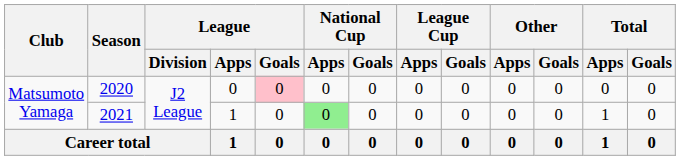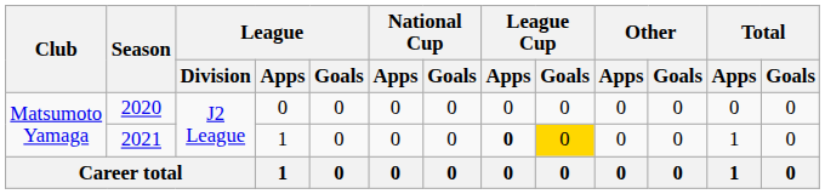 <table class="wikitable" style="text-align: center">
 <tr>
 <th rowspan="2">Club</th>
 <th rowspan="2">Season</th>
 <th colspan="3">League</th>
 <th colspan="2">National Cup</th>
 <th colspan="2">League Cup</th>
 <th colspan="2">Other</th>
 <th colspan="2">Total</th>
 </tr>
 <tr>
 <th>Division</th>
 <th>Apps</th>
 <th>Goals</th>
 <th>Apps</th>
 <th>Goals</th>
 <th>Apps</th>
 <th>Goals</th>
 <th>Apps</th>
 <th>Goals</th>
 <th>Apps</th>
 <th>Goals</th>
 </tr>
 <tr>
 <td rowspan="2"><a href='#'>Matsumoto Yamaga</a></td>
 <td><a href='#'>2020</a></td>
 <td rowspan="2"><a href='#'>J2 League</a></td>
 <td>0</td>
-<td style="background: pink;">0</td>
+<td>0</td>
 <td>0</td>
 <td>0</td>
 <td>0</td>
 <td>0</td>
 <td>0</td>
 <td>0</td>
 <td>0</td>
 <td>0</td>
 </tr>
 <tr>
 <td><a href='#'>2021</a></td>
 <td>1</td>
 <td>0</td>
-<td style="background: lightgreen;">0</td>
 <td>0</td>
 <td>0</td>
-<td>0</td>
+<td><strong>0</strong></td>
+<td style="background: gold;">0</td>
 <td>0</td>
 <td>0</td>
 <td>1</td>
 <td>0</td>
 </tr>
 <tr>
 <th colspan=3>Career total</th>
 <th>1</th>
 <th>0</th>
 <th>0</th>
 <th>0</th>
 <th>0</th>
 <th>0</th>
 <th>0</th>
 <th>0</th>
 <th>1</th>
 <th>0</th>
 </tr>
 </table>
